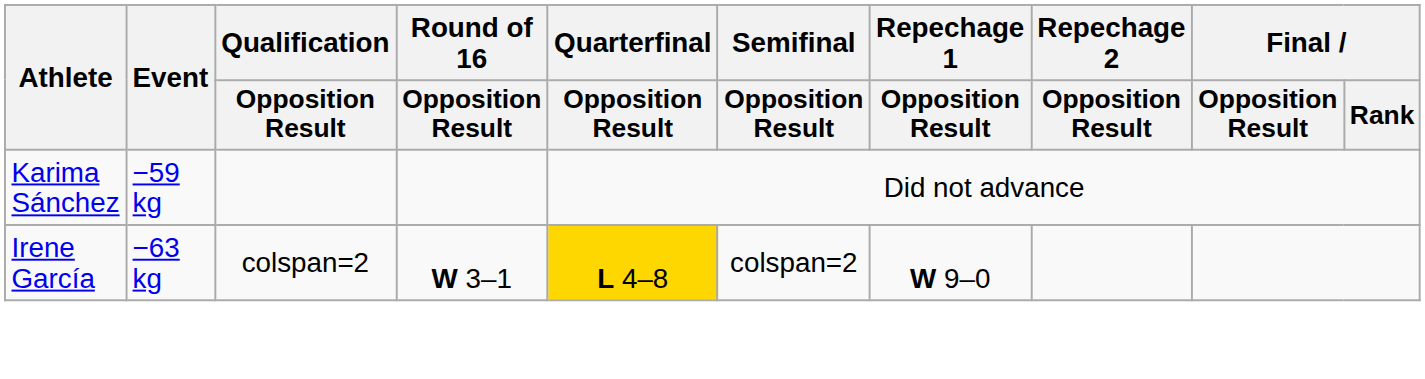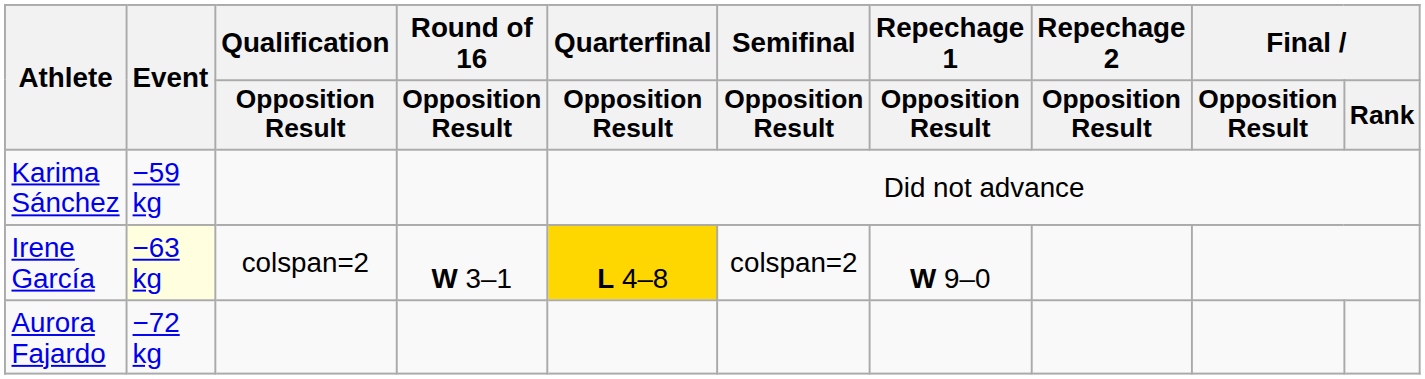 <table class="wikitable" style="font-size:90%">
 <tr>
 <th rowspan="2">Athlete</th>
 <th rowspan="2">Event</th>
 <th>Qualification</th>
 <th>Round of 16</th>
 <th>Quarterfinal</th>
 <th>Semifinal</th>
 <th>Repechage 1</th>
 <th>Repechage 2</th>
 <th colspan=2>Final / </th>
 </tr>
 <tr style="font-size: 95%">
 <th>Opposition<br>Result</th>
 <th>Opposition<br>Result</th>
 <th>Opposition<br>Result</th>
 <th>Opposition<br>Result</th>
 <th>Opposition<br>Result</th>
 <th>Opposition<br>Result</th>
 <th>Opposition<br>Result</th>
 <th>Rank</th>
 </tr>
 <tr align=center>
 <td align=left><a href='#'>Karima Sánchez</a></td>
 <td align=left><a href='#'>−59 kg</a></td>
 <td></td>
 <td></td>
 <td colspan=6>Did not advance</td>
 </tr>
 <tr align=center>
 <td align=left><a href='#'>Irene García</a></td>
-<td align=left><a href='#'>−63 kg</a></td>
+<td align=left style="background: lightyellow;"><a href='#'>−63 kg</a></td>
 <td>colspan=2 </td>
 <td><br><strong>W</strong> 3–1</td>
 <td style="background: gold;"><br><strong>L</strong> 4–8</td>
 <td>colspan=2 </td>
 <td><br><strong>W</strong> 9–0</td>
 <td></td>
 </tr>
+<tr align=center>
+<td align=left><a href='#'>Aurora Fajardo</a></td>
+<td align=left><a href='#'>−72 kg</a></td>
+<td></td>
+<td></td>
+<td></td>
+<td></td>
+<td></td>
+<td></td>
+<td></td>
+<td></td>
+</tr>
 </table>
